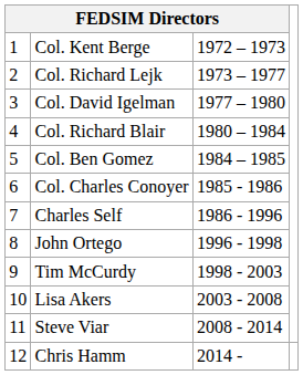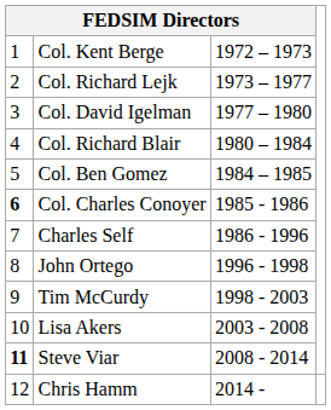 <table class="wikitable" style="background:white;">
 <tr style="background:#efefef;">
 <th colspan="3">FEDSIM Directors</th>
 </tr>
 <tr>
 <td>1</td>
 <td>Col. Kent Berge</td>
 <td>1972 – 1973</td>
 </tr>
 <tr>
 <td>2</td>
 <td>Col. Richard Lejk</td>
 <td>1973 – 1977</td>
 </tr>
 <tr>
 <td>3</td>
 <td>Col. David Igelman </td>
 <td>1977 – 1980</td>
 </tr>
 <tr>
 <td>4</td>
 <td>Col. Richard Blair </td>
 <td>1980 – 1984</td>
 </tr>
 <tr>
 <td>5</td>
 <td>Col. Ben Gomez </td>
 <td>1984 – 1985</td>
 </tr>
 <tr>
-<td>6</td>
+<td><strong>6</strong></td>
 <td>Col. Charles Conoyer</td>
 <td>1985 - 1986</td>
 </tr>
 <tr>
 <td>7</td>
 <td>Charles Self</td>
 <td>1986 - 1996</td>
 </tr>
 <tr>
 <td>8</td>
 <td>John Ortego</td>
 <td>1996 - 1998</td>
 </tr>
 <tr>
 <td>9</td>
 <td>Tim McCurdy</td>
 <td>1998 - 2003</td>
 </tr>
 <tr>
 <td>10</td>
 <td>Lisa Akers</td>
 <td>2003 - 2008</td>
 </tr>
 <tr>
-<td>11</td>
+<td><strong>11</strong></td>
 <td>Steve Viar</td>
 <td>2008 - 2014</td>
 </tr>
 <tr>
 <td>12</td>
 <td>Chris Hamm</td>
 <td>2014 -</td>
 <td></td>
 </tr>
 </table>
